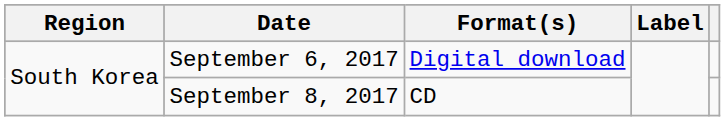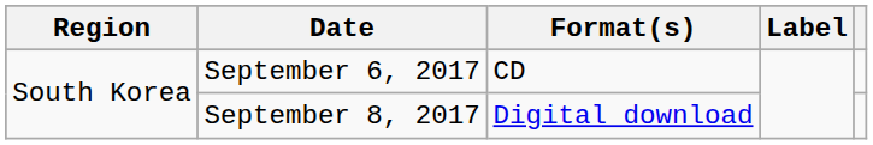 <table class="wikitable plainrowheaders">
 <tr>
 <th scope="col">Region</th>
 <th scope="col">Date</th>
 <th scope="col">Format(s)</th>
 <th scope="col">Label</th>
 <th scope="col"></th>
 </tr>
 <tr>
 <td rowspan="2">South Korea</td>
 <td>September 6, 2017</td>
-<td><a href='#'>Digital download</a></td>
+<td>CD</td>
 <td rowspan="2"></td>
 <td></td>
 </tr>
 <tr>
 <td>September 8, 2017</td>
-<td>CD</td>
+<td><a href='#'>Digital download</a></td>
 <td></td>
 </tr>
 </table>
